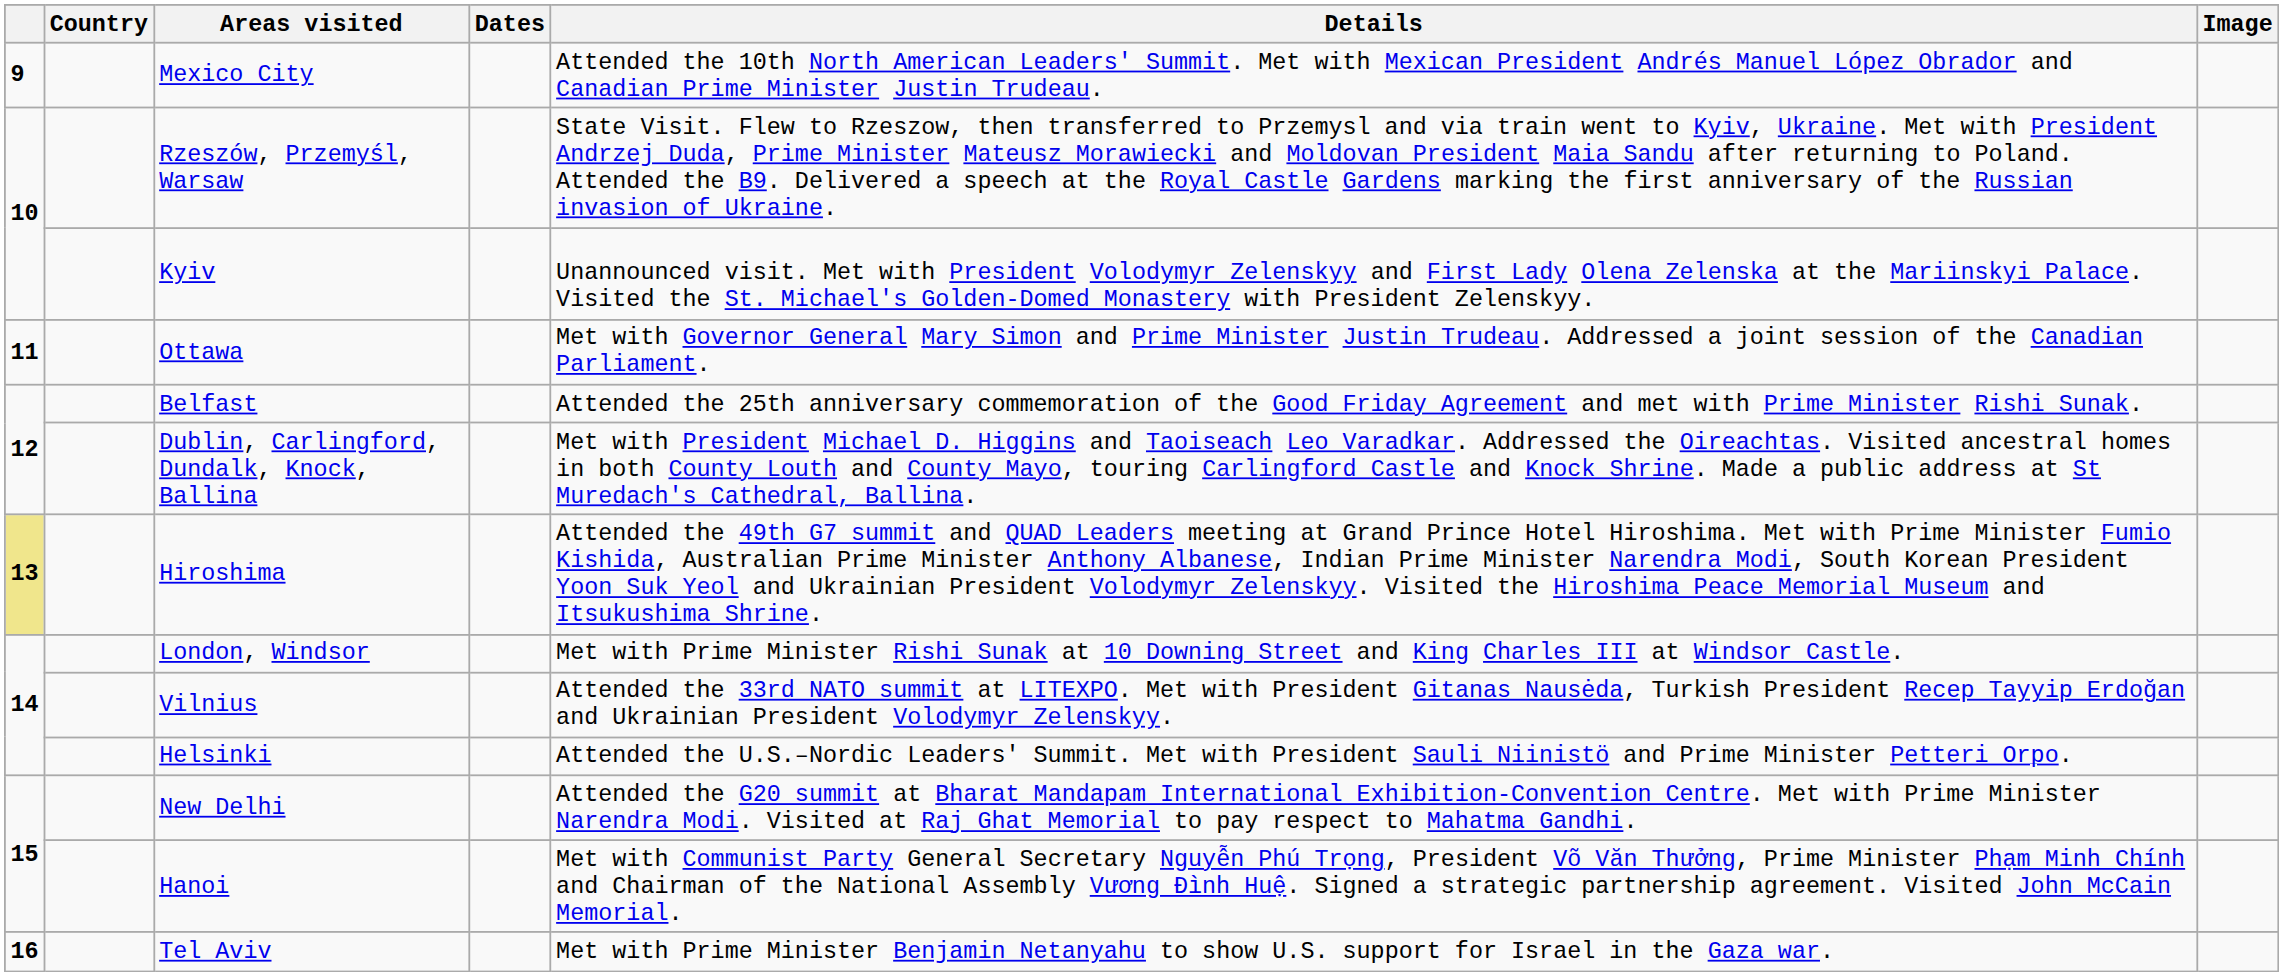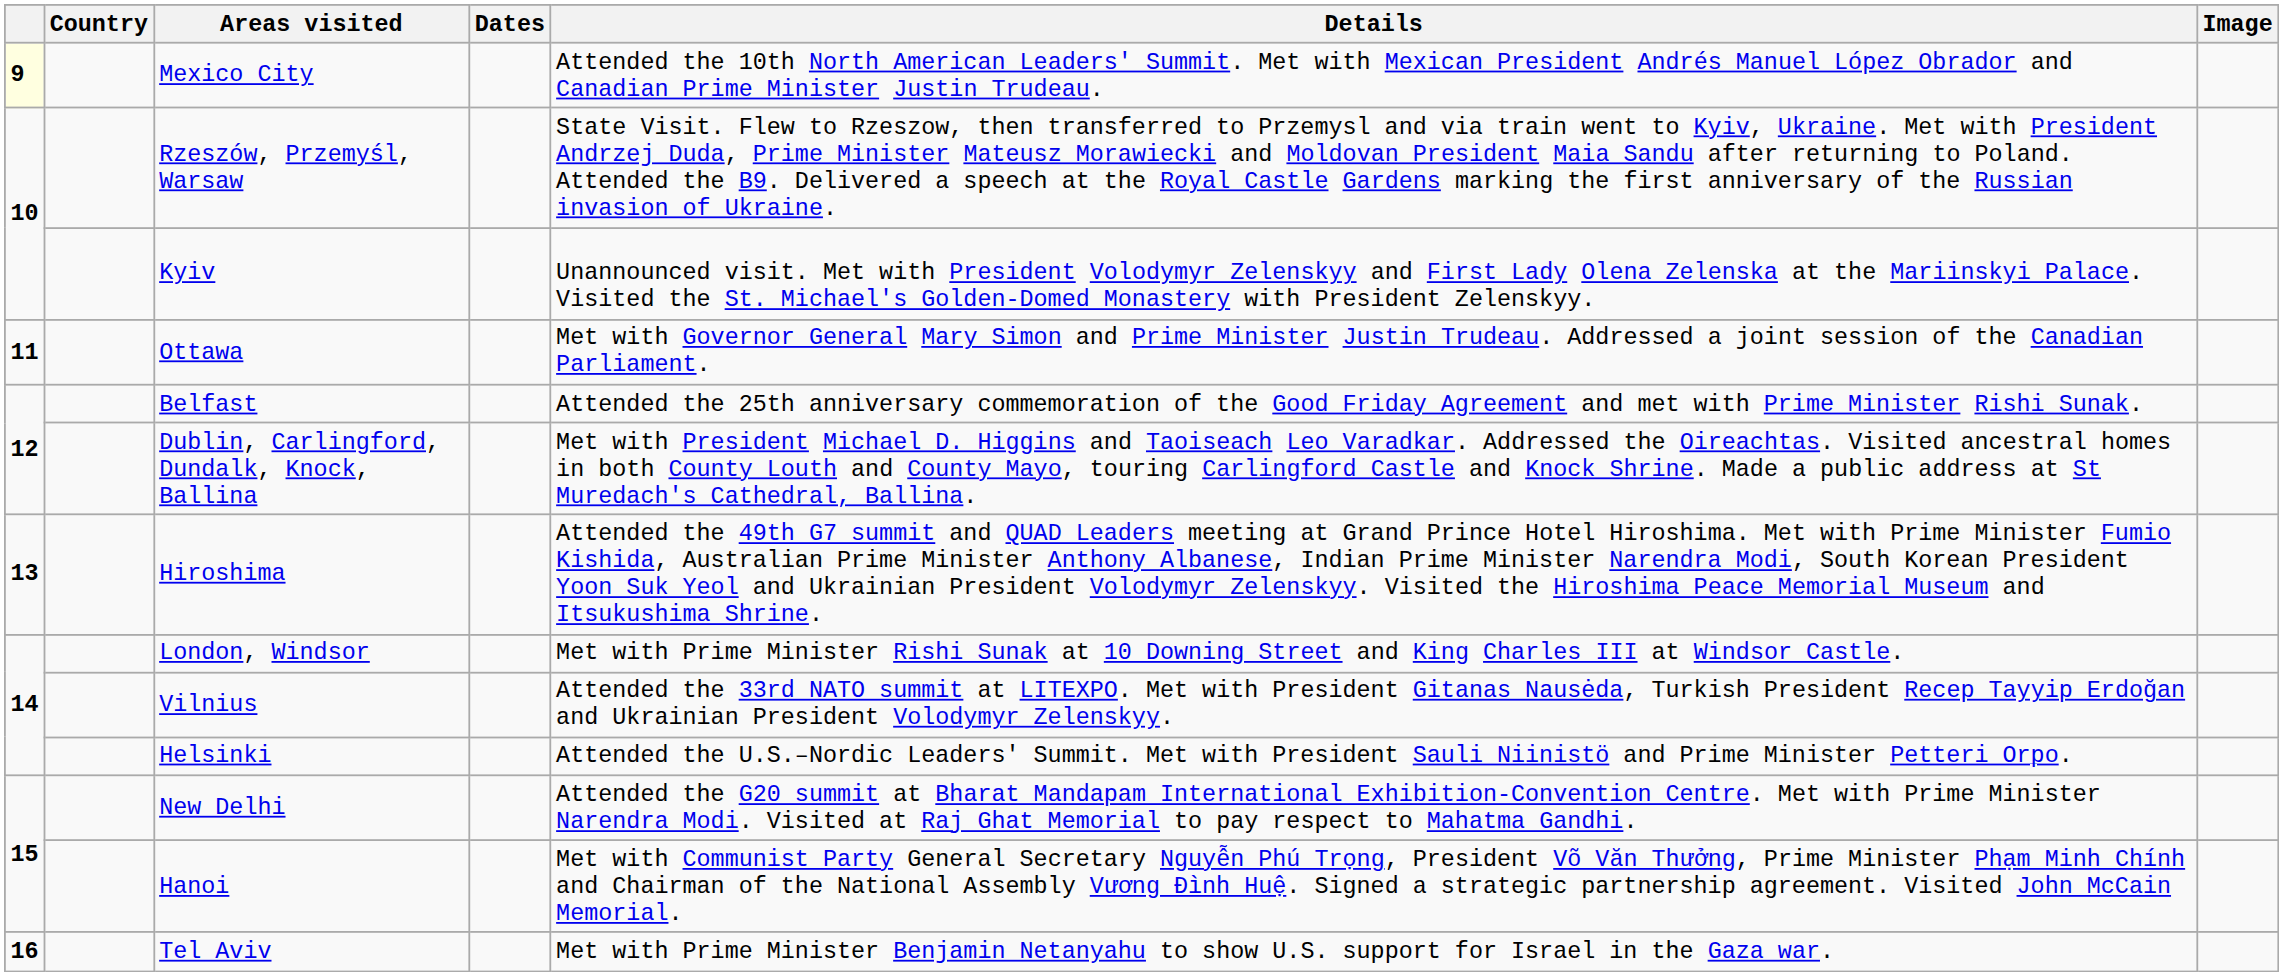 <table class="wikitable sortable" style="margin: 1em auto 1em auto">
 <tr>
 <th></th>
 <th>Country</th>
 <th>Areas visited</th>
 <th>Dates</th>
 <th class="unsortable">Details</th>
 <th class="unsortable">Image</th>
 </tr>
 <tr>
-<td><strong>9</strong></td>
+<td style="background: lightyellow;"><strong>9</strong></td>
 <td></td>
 <td><a href='#'>Mexico City</a></td>
 <td></td>
 <td>Attended the 10th <a href='#'>North American Leaders' Summit</a>. Met with <a href='#'>Mexican President</a> <a href='#'>Andrés Manuel López Obrador</a> and <a href='#'>Canadian Prime Minister</a> <a href='#'>Justin Trudeau</a>.</td>
 <td></td>
 </tr>
 <tr>
 <td rowspan=2><strong>10</strong></td>
 <td></td>
 <td><a href='#'>Rzeszów</a>, <a href='#'>Przemyśl</a>, <a href='#'>Warsaw</a></td>
 <td></td>
 <td>State Visit. Flew to Rzeszow, then transferred to Przemysl and via train went to <a href='#'>Kyiv</a>, <a href='#'>Ukraine</a>. Met with <a href='#'>President</a> <a href='#'>Andrzej Duda</a>, <a href='#'>Prime Minister</a> <a href='#'>Mateusz Morawiecki</a> and <a href='#'>Moldovan President</a> <a href='#'>Maia Sandu</a> after returning to Poland. Attended the <a href='#'>B9</a>. Delivered a speech at the <a href='#'>Royal Castle</a> <a href='#'>Gardens</a> marking the first anniversary of the <a href='#'>Russian invasion of Ukraine</a>.</td>
 <td></td>
 </tr>
 <tr>
 <td></td>
 <td><a href='#'>Kyiv</a></td>
 <td></td>
 <td><br>Unannounced visit. Met with <a href='#'>President</a> <a href='#'>Volodymyr Zelenskyy</a> and <a href='#'>First Lady</a> <a href='#'>Olena Zelenska</a> at the <a href='#'>Mariinskyi Palace</a>. Visited the <a href='#'>St. Michael's Golden-Domed Monastery</a> with President Zelenskyy.</td>
 <td></td>
 </tr>
 <tr>
 <td><strong>11</strong></td>
 <td></td>
 <td><a href='#'>Ottawa</a></td>
 <td></td>
 <td>Met with <a href='#'>Governor General</a> <a href='#'>Mary Simon</a> and <a href='#'>Prime Minister</a> <a href='#'>Justin Trudeau</a>. Addressed a joint session of the <a href='#'>Canadian Parliament</a>.</td>
 <td></td>
 </tr>
 <tr>
 <td rowspan="2"><strong>12</strong></td>
 <td></td>
 <td><a href='#'>Belfast</a></td>
 <td></td>
 <td>Attended the 25th anniversary commemoration of the <a href='#'>Good Friday Agreement</a> and met with <a href='#'>Prime Minister</a> <a href='#'>Rishi Sunak</a>.</td>
 <td></td>
 </tr>
 <tr>
 <td></td>
 <td><a href='#'>Dublin</a>, <a href='#'>Carlingford</a>, <a href='#'>Dundalk</a>, <a href='#'>Knock</a>, <a href='#'>Ballina</a></td>
 <td></td>
 <td>Met with <a href='#'>President</a> <a href='#'>Michael D. Higgins</a> and <a href='#'>Taoiseach</a> <a href='#'>Leo Varadkar</a>. Addressed the <a href='#'>Oireachtas</a>. Visited ancestral homes in both <a href='#'>County Louth</a> and <a href='#'>County Mayo</a>, touring <a href='#'>Carlingford Castle</a> and <a href='#'>Knock Shrine</a>. Made a public address at <a href='#'>St Muredach's Cathedral, Ballina</a>.</td>
 <td></td>
 </tr>
 <tr>
-<td style="background: khaki;"><strong>13</strong></td>
+<td><strong>13</strong></td>
 <td></td>
 <td><a href='#'>Hiroshima</a></td>
 <td></td>
 <td>Attended the <a href='#'>49th G7 summit</a> and <a href='#'>QUAD Leaders</a> meeting at Grand Prince Hotel Hiroshima. Met with Prime Minister <a href='#'>Fumio Kishida</a>, Australian Prime Minister <a href='#'>Anthony Albanese</a>, Indian Prime Minister <a href='#'>Narendra Modi</a>, South Korean President <a href='#'>Yoon Suk Yeol</a> and Ukrainian President <a href='#'>Volodymyr Zelenskyy</a>. Visited the <a href='#'>Hiroshima Peace Memorial Museum</a> and <a href='#'>Itsukushima Shrine</a>.</td>
 <td></td>
 </tr>
 <tr>
 <td rowspan="3"><strong>14</strong></td>
 <td></td>
 <td><a href='#'>London</a>, <a href='#'>Windsor</a></td>
 <td></td>
 <td>Met with Prime Minister <a href='#'>Rishi Sunak</a> at <a href='#'>10 Downing Street</a> and <a href='#'>King</a> <a href='#'>Charles III</a> at <a href='#'>Windsor Castle</a>.</td>
 <td></td>
 </tr>
 <tr>
 <td></td>
 <td><a href='#'>Vilnius</a></td>
 <td></td>
 <td>Attended the <a href='#'>33rd NATO summit</a> at <a href='#'>LITEXPO</a>. Met with President <a href='#'>Gitanas Nausėda</a>, Turkish President <a href='#'>Recep Tayyip Erdoğan</a> and Ukrainian President <a href='#'>Volodymyr Zelenskyy</a>.</td>
 <td></td>
 </tr>
 <tr>
 <td></td>
 <td><a href='#'>Helsinki</a></td>
 <td></td>
 <td>Attended the U.S.–Nordic Leaders' Summit. Met with President <a href='#'>Sauli Niinistö</a> and Prime Minister <a href='#'>Petteri Orpo</a>.</td>
 <td></td>
 </tr>
 <tr>
 <td rowspan="2"><strong>15</strong></td>
 <td></td>
 <td><a href='#'>New Delhi</a></td>
 <td></td>
 <td>Attended the <a href='#'>G20 summit</a> at <a href='#'>Bharat Mandapam International Exhibition-Convention Centre</a>. Met with Prime Minister <a href='#'>Narendra Modi</a>. Visited at <a href='#'>Raj Ghat Memorial</a> to pay respect to <a href='#'>Mahatma Gandhi</a>.</td>
 <td></td>
 </tr>
 <tr>
 <td></td>
 <td><a href='#'>Hanoi</a></td>
 <td></td>
 <td>Met with <a href='#'>Communist Party</a> General Secretary <a href='#'>Nguyễn Phú Trọng</a>, President <a href='#'>Võ Văn Thưởng</a>, Prime Minister <a href='#'>Phạm Minh Chính</a> and Chairman of the National Assembly <a href='#'>Vương Đình Huệ</a>. Signed a strategic partnership agreement. Visited <a href='#'>John McCain Memorial</a>.</td>
 <td></td>
 </tr>
 <tr>
 <td><strong>16</strong></td>
 <td></td>
 <td><a href='#'>Tel Aviv</a></td>
 <td></td>
 <td>Met with Prime Minister <a href='#'>Benjamin Netanyahu</a> to show U.S. support for Israel in the <a href='#'>Gaza war</a>.</td>
 <td></td>
 </tr>
 </table>
